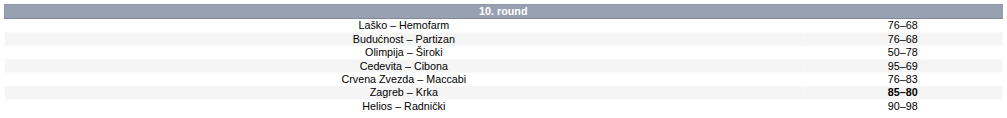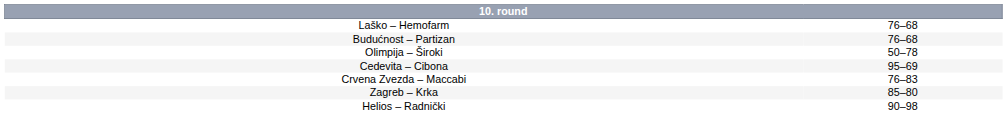 <table border=0 cellspacing=0 cellpadding=1em style="font-size: 85%; border-collapse: collapse;" width=100%>
 <tr>
 <td colspan=5 bgcolor=#98A1B2 style="border:1px solid #7A8392; text-align:center; color:#FFFFFF;"><strong>10. round</strong></td>
 </tr>
 <tr style="text-align:center; background:#FFFFFF">
 <td>Laško – Hemofarm</td>
 <td>76–68</td>
 </tr>
 <tr align=center bgcolor=#f5f5f5>
 <td>Budućnost – Partizan</td>
 <td>76–68</td>
 </tr>
 <tr style="text-align:center; background:#FFFFFF">
 <td>Olimpija – Široki</td>
 <td>50–78</td>
 </tr>
 <tr align=center bgcolor=#f5f5f5>
 <td>Cedevita – Cibona</td>
 <td>95–69</td>
 </tr>
 <tr style="text-align:center; background:#FFFFFF">
 <td>Crvena Zvezda – Maccabi</td>
 <td>76–83</td>
 </tr>
 <tr align=center bgcolor=#f5f5f5>
 <td>Zagreb – Krka</td>
-<td><strong>85–80</strong></td>
+<td>85–80</td>
 </tr>
 <tr style="text-align:center; background:#FFFFFF">
 <td>Helios – Radnički</td>
 <td>90–98</td>
 </tr>
 </table>
